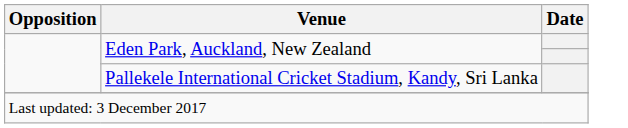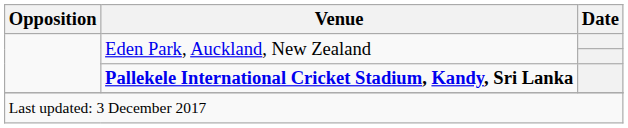 <table class="wikitable plainrowheaders sortable">
 <tr>
 <th scope=col>Opposition</th>
 <th scope=col>Venue</th>
 <th scope=col>Date</th>
 </tr>
 <tr>
 <td scope=row rowspan=3></td>
 <td rowspan=2><a href='#'>Eden Park</a>, <a href='#'>Auckland</a>, New Zealand</td>
 <th scope=row></th>
 </tr>
 <tr>
 <th scope=row></th>
 </tr>
 <tr>
-<td><a href='#'>Pallekele International Cricket Stadium</a>, <a href='#'>Kandy</a>, Sri Lanka</td>
+<td><strong><a href='#'>Pallekele International Cricket Stadium</a>, <a href='#'>Kandy</a>, Sri Lanka</strong></td>
 <th scope=row></th>
 </tr>
 <tr>
 </tr>
 <tr class=sortbottom>
 <td colspan=3><small>Last updated: 3 December 2017</small></td>
 </tr>
 </table>
